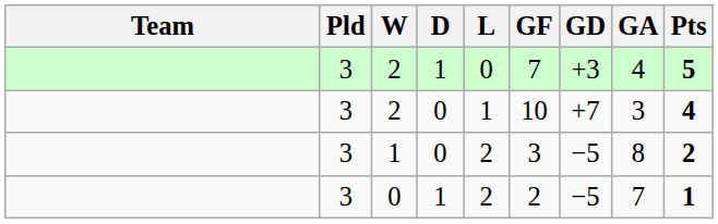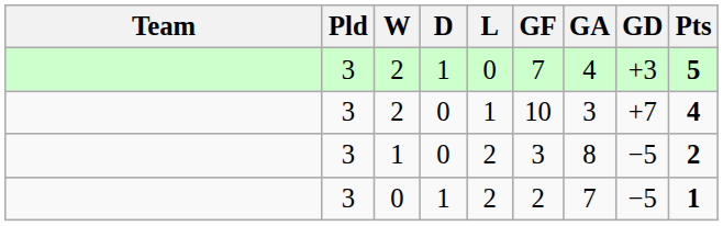 <table class="wikitable" style="text-align:center;">
 <tr>
 <th width=180>Team</th>
 <th width=20>Pld</th>
 <th width=20>W</th>
 <th width=20>D</th>
 <th width=20>L</th>
 <th width=20>GF</th>
+<th width=20>GA</th>
 <th width=20>GD</th>
-<th width=20>GA</th>
 <th width=20>Pts</th>
 </tr>
 <tr bgcolor="ccffcc">
 <td align="left"></td>
 <td>3</td>
 <td>2</td>
 <td>1</td>
 <td>0</td>
 <td>7</td>
+<td>4</td>
 <td>+3</td>
-<td>4</td>
 <td><strong>5</strong></td>
 </tr>
 <tr>
 <td align="left"></td>
 <td>3</td>
 <td>2</td>
 <td>0</td>
 <td>1</td>
 <td>10</td>
+<td>3</td>
 <td>+7</td>
-<td>3</td>
 <td><strong>4</strong></td>
 </tr>
 <tr>
 <td align="left"></td>
 <td>3</td>
 <td>1</td>
 <td>0</td>
 <td>2</td>
 <td>3</td>
+<td>8</td>
 <td>−5</td>
-<td>8</td>
 <td><strong>2</strong></td>
 </tr>
 <tr>
 <td align="left"></td>
 <td>3</td>
 <td>0</td>
 <td>1</td>
 <td>2</td>
 <td>2</td>
+<td>7</td>
 <td>−5</td>
-<td>7</td>
 <td><strong>1</strong></td>
 </tr>
 </table>
